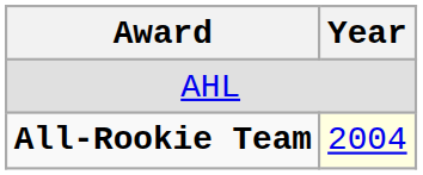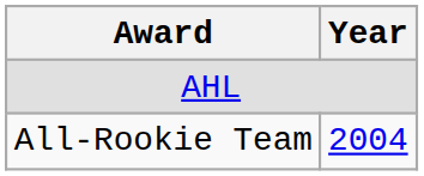 <table class="wikitable">
 <tr>
 <th>Award</th>
 <th>Year</th>
 </tr>
 <tr ALIGN="center" bgcolor="#e0e0e0">
 <td colspan="3"><a href='#'>AHL</a></td>
 </tr>
 <tr>
-<td><strong>All-Rookie Team</strong></td>
-<td style="background: lightyellow;"><a href='#'>2004</a></td>
+<td>All-Rookie Team</td>
+<td><a href='#'>2004</a></td>
 </tr>
 </table>
